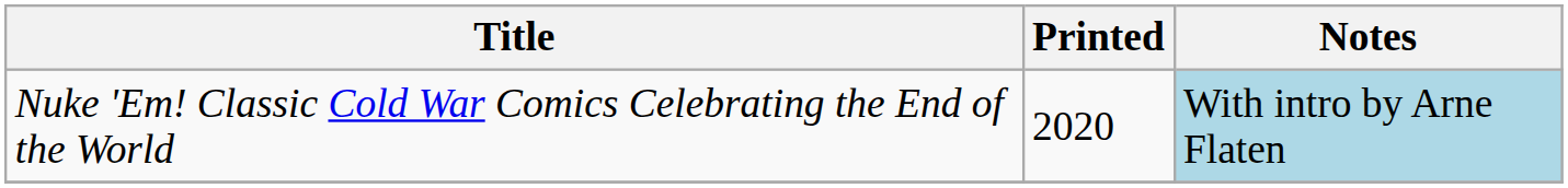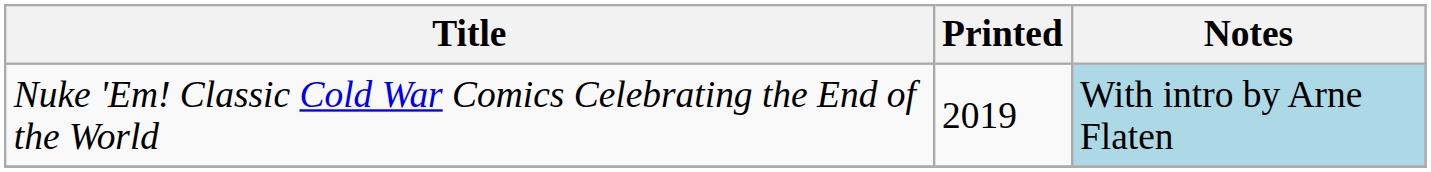 <table class="wikitable">
 <tr>
 <th>Title</th>
 <th>Printed</th>
 <th>Notes</th>
 </tr>
 <tr>
 <td><em>Nuke 'Em! Classic <a href='#'>Cold War</a> Comics Celebrating the End of the World</em></td>
-<td>2020</td>
+<td>2019</td>
 <td style="background: lightblue;">With intro by Arne Flaten</td>
 </tr>
 <tr>
 </tr>
 </table>
